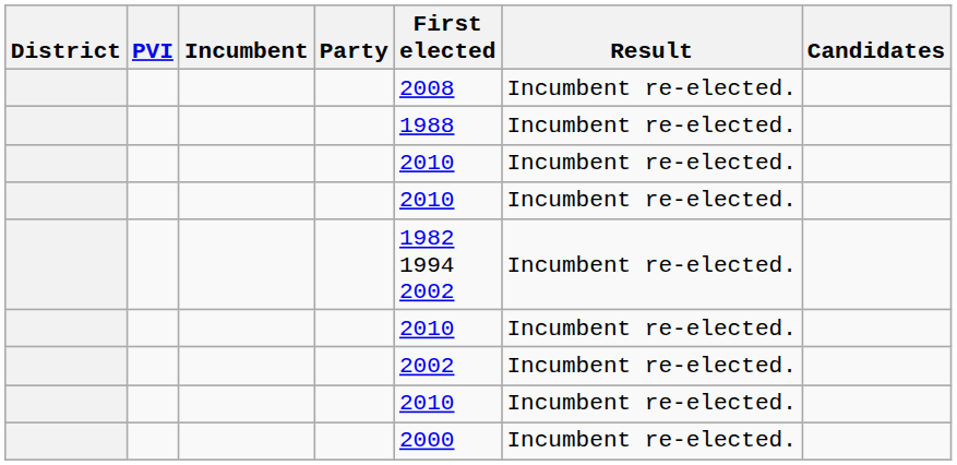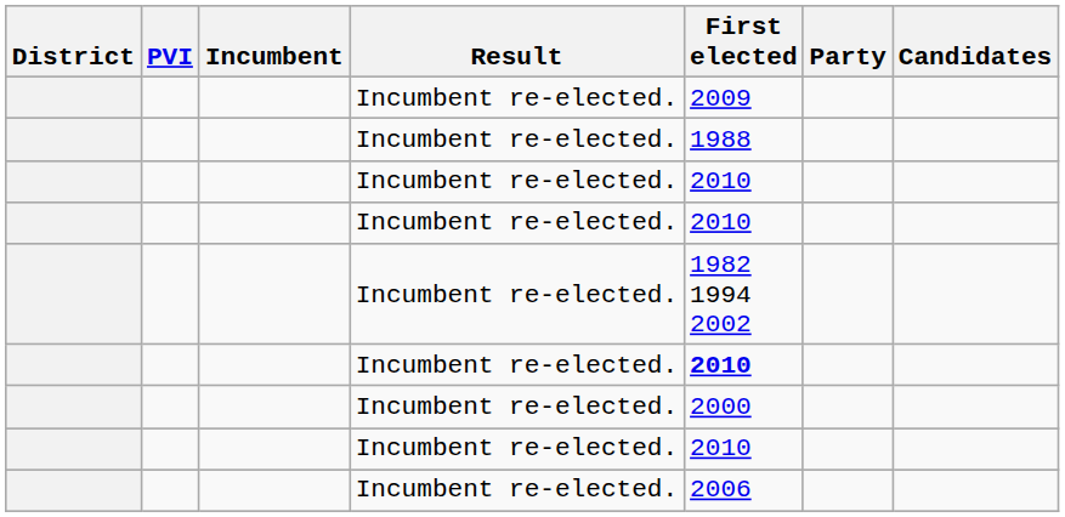 <table class="wikitable sortable">
 <tr valign=bottom>
 <th>District</th>
 <th><a href='#'>PVI</a></th>
 <th>Incumbent</th>
+<th>Result</th>
+<th>First<br>elected</th>
 <th>Party</th>
-<th>First<br>elected</th>
-<th>Result</th>
 <th>Candidates</th>
 </tr>
 <tr>
 <th></th>
 <td></td>
 <td></td>
+<td>Incumbent re-elected.</td>
+<td><a href='#'>2009</a></td>
 <td></td>
-<td><a href='#'>2008</a></td>
-<td>Incumbent re-elected.</td>
 <td nowrap></td>
 </tr>
 <tr>
 <th></th>
 <td></td>
 <td></td>
+<td>Incumbent re-elected.</td>
+<td><a href='#'>1988 </a></td>
 <td></td>
-<td><a href='#'>1988 </a></td>
-<td>Incumbent re-elected.</td>
 <td nowrap></td>
 </tr>
 <tr>
 <th></th>
 <td></td>
 <td></td>
+<td>Incumbent re-elected.</td>
+<td><a href='#'>2010</a></td>
 <td></td>
-<td><a href='#'>2010</a></td>
-<td>Incumbent re-elected.</td>
 <td nowrap></td>
 </tr>
 <tr>
 <th></th>
 <td></td>
 <td></td>
+<td>Incumbent re-elected.</td>
+<td><a href='#'>2010</a></td>
 <td></td>
-<td><a href='#'>2010</a></td>
-<td>Incumbent re-elected.</td>
 <td nowrap></td>
 </tr>
 <tr>
 <th></th>
 <td></td>
 <td></td>
+<td>Incumbent re-elected.</td>
+<td><a href='#'>1982</a><br>1994 <br><a href='#'>2002</a></td>
 <td></td>
-<td><a href='#'>1982</a><br>1994 <br><a href='#'>2002</a></td>
-<td>Incumbent re-elected.</td>
 <td nowrap></td>
 </tr>
 <tr>
 <th></th>
 <td></td>
 <td></td>
+<td>Incumbent re-elected.</td>
+<td><strong><a href='#'>2010</a></strong></td>
 <td></td>
-<td><a href='#'>2010</a></td>
-<td>Incumbent re-elected.</td>
 <td nowrap></td>
 </tr>
 <tr>
 <th></th>
 <td></td>
 <td></td>
+<td>Incumbent re-elected.</td>
+<td><a href='#'>2000</a></td>
 <td></td>
-<td><a href='#'>2002</a></td>
-<td>Incumbent re-elected.</td>
 <td nowrap></td>
 </tr>
 <tr>
 <th></th>
 <td></td>
 <td></td>
+<td>Incumbent re-elected.</td>
+<td><a href='#'>2010</a></td>
 <td></td>
-<td><a href='#'>2010</a></td>
-<td>Incumbent re-elected.</td>
 <td nowrap></td>
 </tr>
 <tr>
 <th></th>
 <td></td>
 <td></td>
+<td>Incumbent re-elected.</td>
+<td><a href='#'>2006</a></td>
 <td></td>
-<td><a href='#'>2000</a></td>
-<td>Incumbent re-elected.</td>
 <td nowrap><br></td>
 </tr>
 </table>
